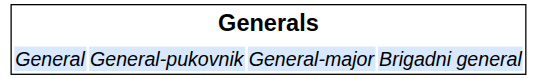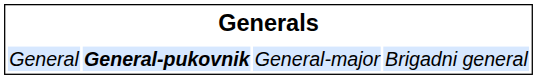 <table style="border:1px solid black; background:white; font-size:95%; margin:auto;">
 <tr>
 <td style="text-align:center;" colspan="4"><big><strong>Generals</strong></big></td>
 </tr>
 <tr align=center>
 <td></td>
 <td></td>
 <td></td>
 <td></td>
 </tr>
 <tr style="text-align:center; background:#d7e8ff;">
 <td><em>General</em></td>
-<td><em>General-pukovnik</em></td>
+<td><strong><em>General-pukovnik</em></strong></td>
 <td><em>General-major</em></td>
 <td><em>Brigadni general</em></td>
 </tr>
 </table>
